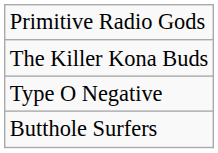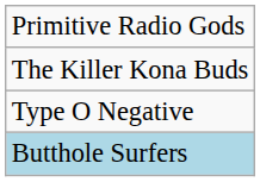 <table class="wikitable">
 <tr>
 <td>Primitive Radio Gods</td>
 </tr>
 <tr>
 <td>The Killer Kona Buds</td>
 </tr>
 <tr>
 <td>Type O Negative</td>
 </tr>
 <tr>
-<td>Butthole Surfers</td>
+<td style="background: lightblue;">Butthole Surfers</td>
 </tr>
 </table>
